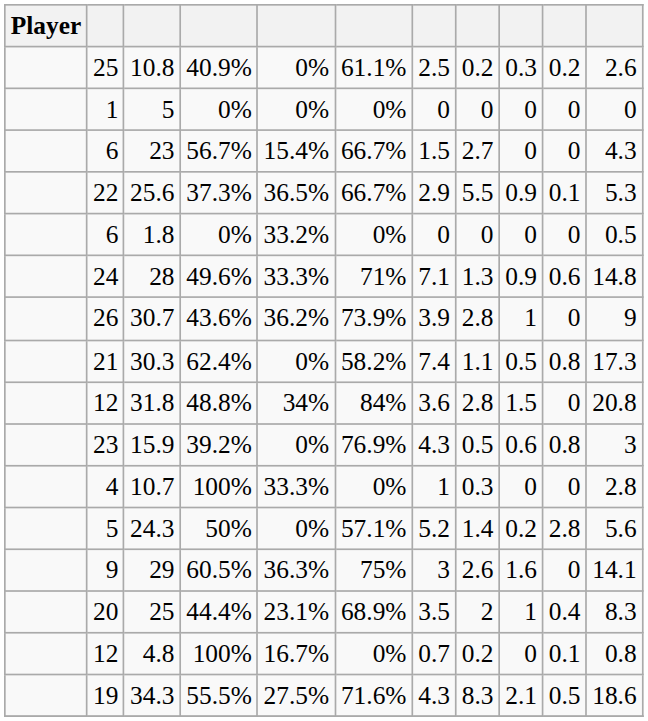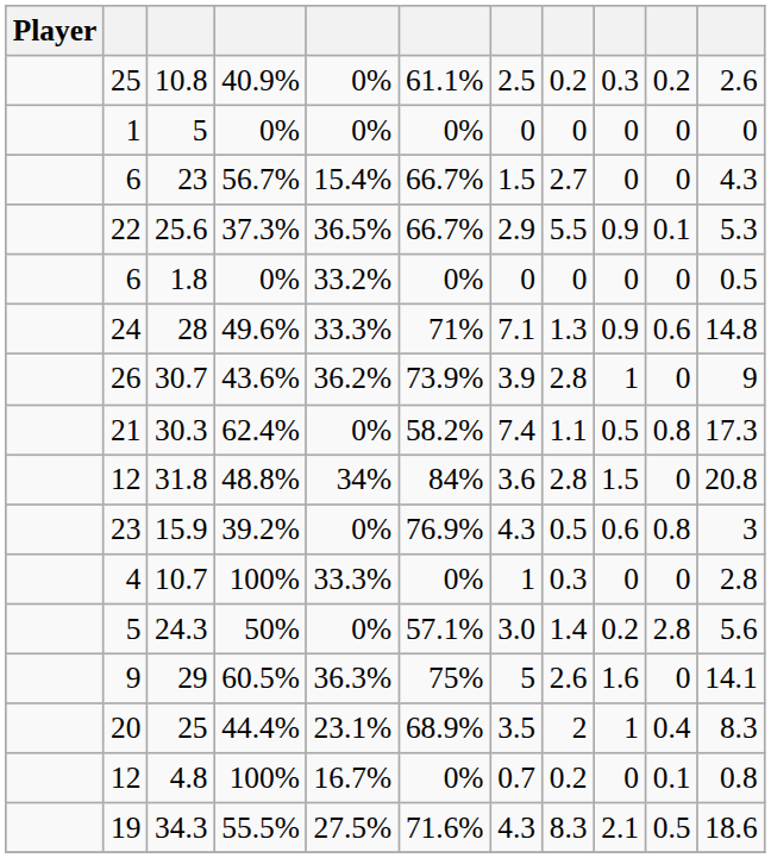 <table class="wikitable sortable" style="font-size:95%; text-align:right;">
 <tr>
 <th>Player</th>
 <th></th>
 <th></th>
 <th></th>
 <th></th>
 <th></th>
 <th></th>
 <th></th>
 <th></th>
 <th></th>
 <th></th>
 </tr>
 <tr>
 <td></td>
 <td>25</td>
 <td>10.8</td>
 <td>40.9%</td>
 <td>0%</td>
 <td>61.1%</td>
 <td>2.5</td>
 <td>0.2</td>
 <td>0.3</td>
 <td>0.2</td>
 <td>2.6</td>
 </tr>
 <tr>
 <td></td>
 <td>1</td>
 <td>5</td>
 <td>0%</td>
 <td>0%</td>
 <td>0%</td>
 <td>0</td>
 <td>0</td>
 <td>0</td>
 <td>0</td>
 <td>0</td>
 </tr>
 <tr>
 <td></td>
 <td>6</td>
 <td>23</td>
 <td>56.7%</td>
 <td>15.4%</td>
 <td>66.7%</td>
 <td>1.5</td>
 <td>2.7</td>
 <td>0</td>
 <td>0</td>
 <td>4.3</td>
 </tr>
 <tr>
 <td></td>
 <td>22</td>
 <td>25.6</td>
 <td>37.3%</td>
 <td>36.5%</td>
 <td>66.7%</td>
 <td>2.9</td>
 <td>5.5</td>
 <td>0.9</td>
 <td>0.1</td>
 <td>5.3</td>
 </tr>
 <tr>
 <td></td>
 <td>6</td>
 <td>1.8</td>
 <td>0%</td>
 <td>33.2%</td>
 <td>0%</td>
 <td>0</td>
 <td>0</td>
 <td>0</td>
 <td>0</td>
 <td>0.5</td>
 </tr>
 <tr>
 <td></td>
 <td>24</td>
 <td>28</td>
 <td>49.6%</td>
 <td>33.3%</td>
 <td>71%</td>
 <td>7.1</td>
 <td>1.3</td>
 <td>0.9</td>
 <td>0.6</td>
 <td>14.8</td>
 </tr>
 <tr>
 <td></td>
 <td>26</td>
 <td>30.7</td>
 <td>43.6%</td>
 <td>36.2%</td>
 <td>73.9%</td>
 <td>3.9</td>
 <td>2.8</td>
 <td>1</td>
 <td>0</td>
 <td>9</td>
 </tr>
 <tr>
 <td></td>
 <td>21</td>
 <td>30.3</td>
 <td>62.4%</td>
 <td>0%</td>
 <td>58.2%</td>
 <td>7.4</td>
 <td>1.1</td>
 <td>0.5</td>
 <td>0.8</td>
 <td>17.3</td>
 </tr>
 <tr>
 <td></td>
 <td>12</td>
 <td>31.8</td>
 <td>48.8%</td>
 <td>34%</td>
 <td>84%</td>
 <td>3.6</td>
 <td>2.8</td>
 <td>1.5</td>
 <td>0</td>
 <td>20.8</td>
 </tr>
 <tr>
 <td></td>
 <td>23</td>
 <td>15.9</td>
 <td>39.2%</td>
 <td>0%</td>
 <td>76.9%</td>
 <td>4.3</td>
 <td>0.5</td>
 <td>0.6</td>
 <td>0.8</td>
 <td>3</td>
 </tr>
 <tr>
 <td></td>
 <td>4</td>
 <td>10.7</td>
 <td>100%</td>
 <td>33.3%</td>
 <td>0%</td>
 <td>1</td>
 <td>0.3</td>
 <td>0</td>
 <td>0</td>
 <td>2.8</td>
 </tr>
 <tr>
 <td></td>
 <td>5</td>
 <td>24.3</td>
 <td>50%</td>
 <td>0%</td>
 <td>57.1%</td>
-<td>5.2</td>
+<td>3.0</td>
 <td>1.4</td>
 <td>0.2</td>
 <td>2.8</td>
 <td>5.6</td>
 </tr>
 <tr>
 <td></td>
 <td>9</td>
 <td>29</td>
 <td>60.5%</td>
 <td>36.3%</td>
 <td>75%</td>
-<td>3</td>
+<td>5</td>
 <td>2.6</td>
 <td>1.6</td>
 <td>0</td>
 <td>14.1</td>
 </tr>
 <tr>
 <td></td>
 <td>20</td>
 <td>25</td>
 <td>44.4%</td>
 <td>23.1%</td>
 <td>68.9%</td>
 <td>3.5</td>
 <td>2</td>
 <td>1</td>
 <td>0.4</td>
 <td>8.3</td>
 </tr>
 <tr>
 <td></td>
 <td>12</td>
 <td>4.8</td>
 <td>100%</td>
 <td>16.7%</td>
 <td>0%</td>
 <td>0.7</td>
 <td>0.2</td>
 <td>0</td>
 <td>0.1</td>
 <td>0.8</td>
 </tr>
 <tr>
 <td></td>
 <td>19</td>
 <td>34.3</td>
 <td>55.5%</td>
 <td>27.5%</td>
 <td>71.6%</td>
 <td>4.3</td>
 <td>8.3</td>
 <td>2.1</td>
 <td>0.5</td>
 <td>18.6</td>
 </tr>
 <tr>
 </tr>
 </table>
